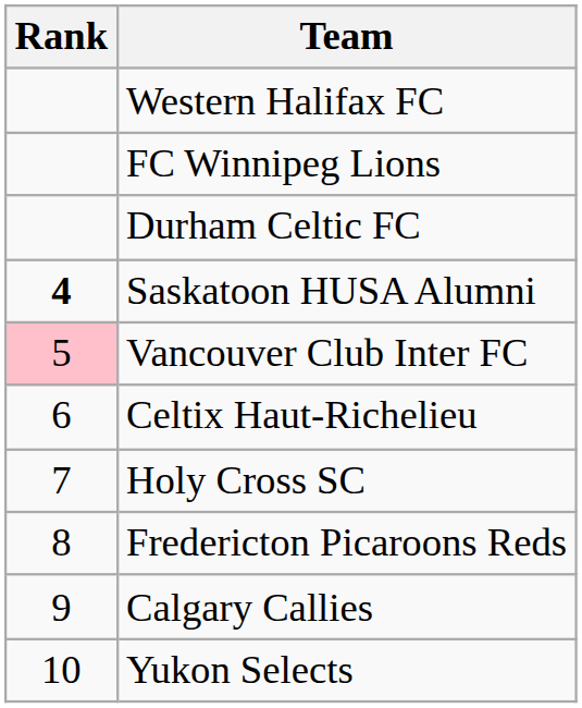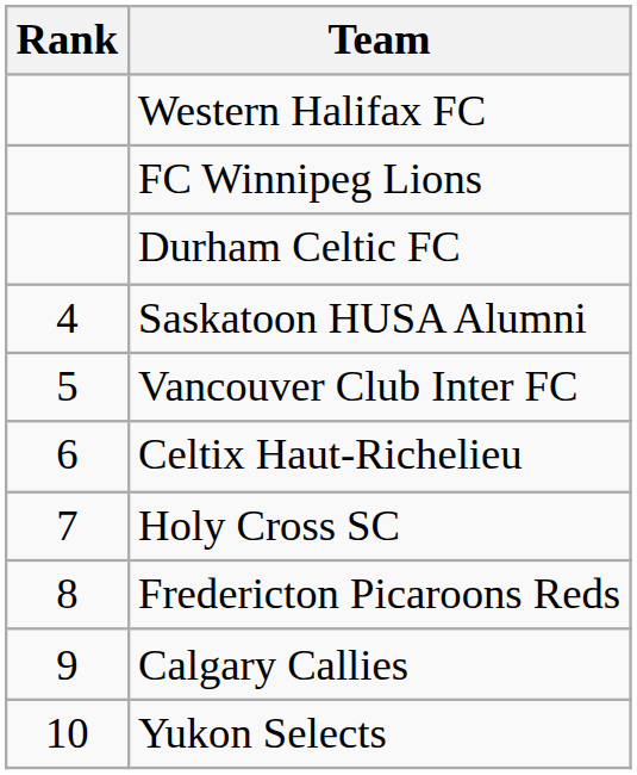 <table class="wikitable">
 <tr>
 <th>Rank</th>
 <th>Team</th>
 </tr>
 <tr>
 <td align=center></td>
 <td> Western Halifax FC</td>
 </tr>
 <tr>
 <td align=center></td>
 <td> FC Winnipeg Lions</td>
 </tr>
 <tr>
 <td align=center></td>
 <td> Durham Celtic FC</td>
 </tr>
 <tr>
-<td align=center><strong>4</strong></td>
+<td align=center>4</td>
 <td> Saskatoon HUSA Alumni</td>
 </tr>
 <tr>
-<td align=center style="background: pink;">5</td>
+<td align=center>5</td>
 <td> Vancouver Club Inter FC</td>
 </tr>
 <tr>
 <td align=center>6</td>
 <td> Celtix Haut-Richelieu</td>
 </tr>
 <tr>
 <td align=center>7</td>
 <td> Holy Cross SC</td>
 </tr>
 <tr>
 <td align=center>8</td>
 <td> Fredericton Picaroons Reds</td>
 </tr>
 <tr>
 <td align=center>9</td>
 <td> Calgary Callies</td>
 </tr>
 <tr>
 <td align=center>10</td>
 <td> Yukon Selects</td>
 </tr>
 </table>
